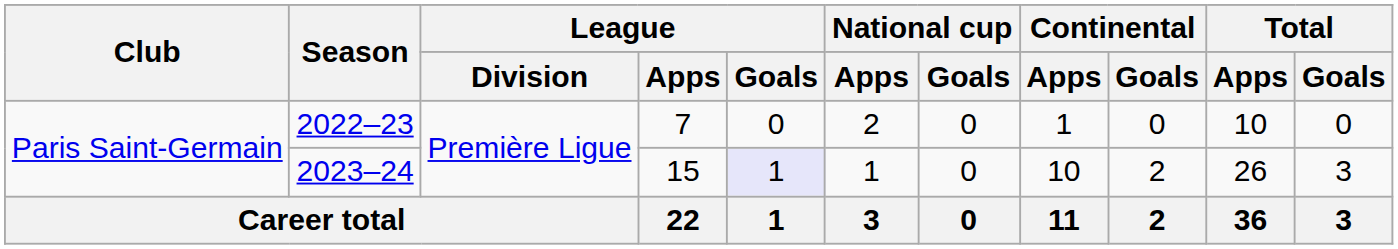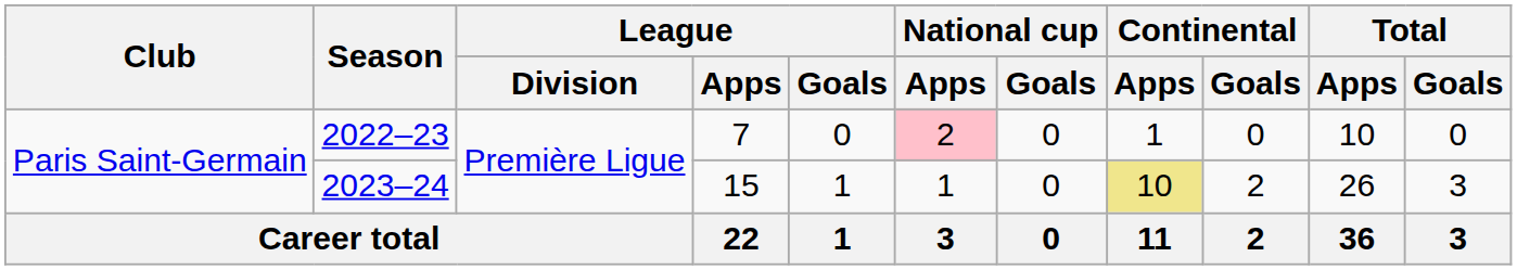 <table class="wikitable" style="text-align:center">
 <tr>
 <th rowspan="2">Club</th>
 <th rowspan="2">Season</th>
 <th colspan="3">League</th>
 <th colspan="2">National cup</th>
 <th colspan="2">Continental</th>
 <th colspan="2">Total</th>
 </tr>
 <tr>
 <th>Division</th>
 <th>Apps</th>
 <th>Goals</th>
 <th>Apps</th>
 <th>Goals</th>
 <th>Apps</th>
 <th>Goals</th>
 <th>Apps</th>
 <th>Goals</th>
 </tr>
 <tr>
 <td rowspan="2"><a href='#'>Paris Saint-Germain</a></td>
 <td><a href='#'>2022–23</a></td>
 <td rowspan="2"><a href='#'>Première Ligue</a></td>
 <td>7</td>
 <td>0</td>
-<td>2</td>
+<td style="background: pink;">2</td>
 <td>0</td>
 <td>1</td>
 <td>0</td>
 <td>10</td>
 <td>0</td>
 </tr>
 <tr>
 <td><a href='#'>2023–24</a></td>
 <td>15</td>
-<td style="background: lavender;">1</td>
+<td>1</td>
 <td>1</td>
 <td>0</td>
-<td>10</td>
+<td style="background: khaki;">10</td>
 <td>2</td>
 <td>26</td>
 <td>3</td>
 </tr>
 <tr>
 <th colspan="3">Career total</th>
 <th>22</th>
 <th>1</th>
 <th>3</th>
 <th>0</th>
 <th>11</th>
 <th>2</th>
 <th>36</th>
 <th>3</th>
 </tr>
 </table>
